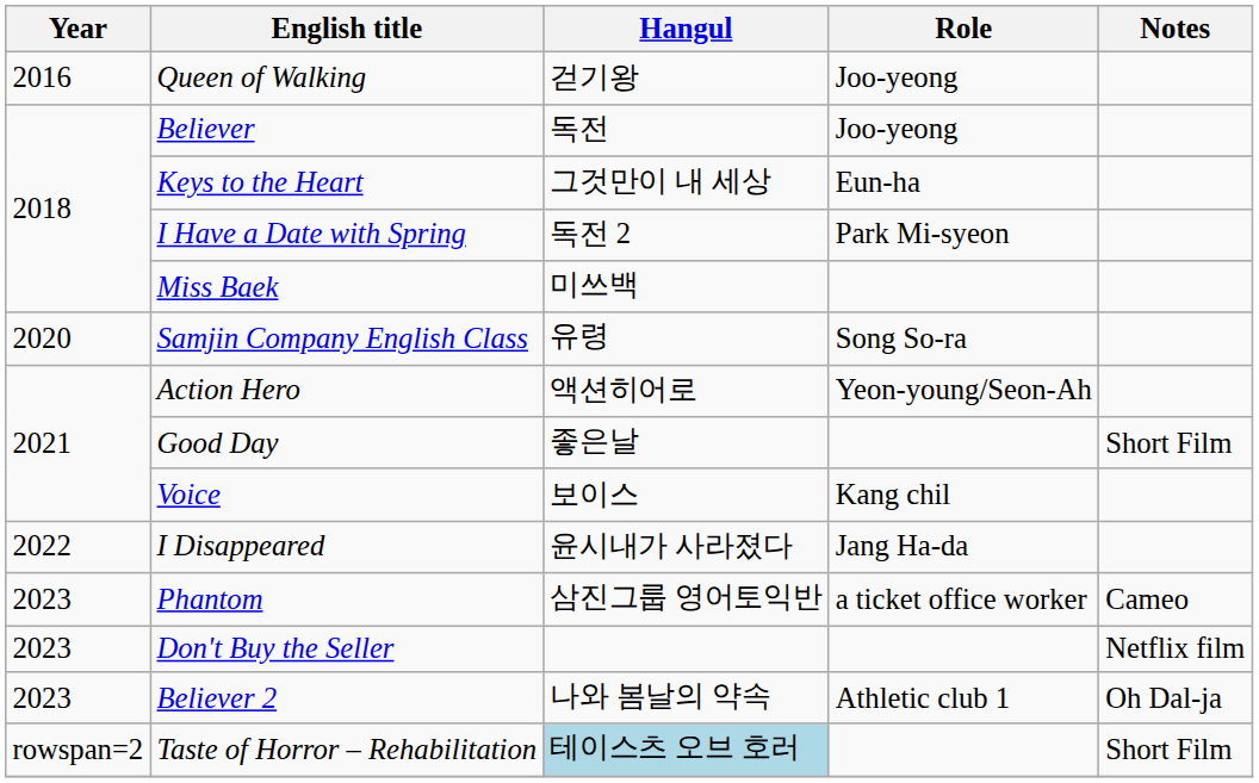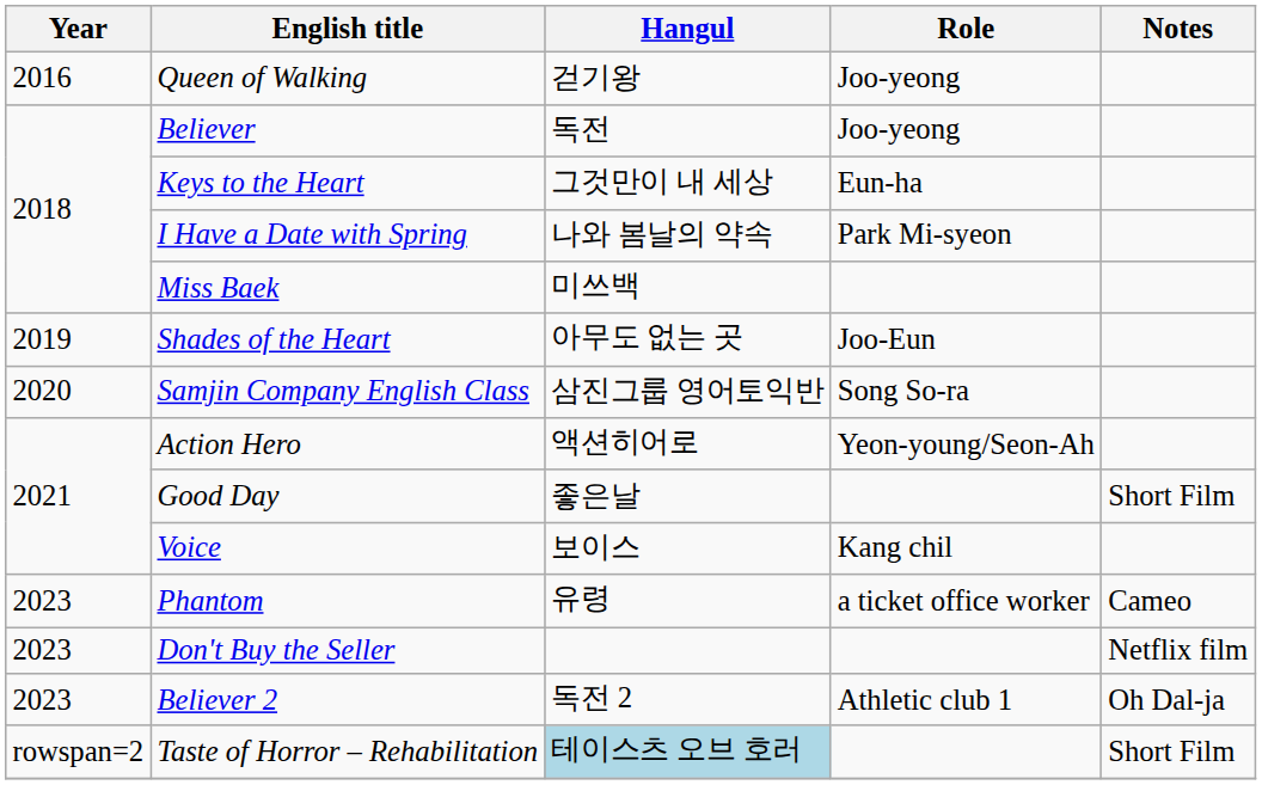 <table class="wikitable sortable">
 <tr>
 <th>Year</th>
 <th>English title</th>
 <th><a href='#'>Hangul</a></th>
 <th>Role</th>
 <th class="unsortable">Notes</th>
 </tr>
 <tr>
 <td rowspan=1>2016</td>
 <td><em>Queen of Walking</em></td>
 <td>걷기왕</td>
 <td>Joo-yeong</td>
 <td></td>
 </tr>
 <tr>
 <td rowspan=4>2018</td>
 <td><em><a href='#'>Believer</a></em></td>
 <td>독전</td>
 <td>Joo-yeong</td>
 <td></td>
 </tr>
 <tr>
 <td><em><a href='#'>Keys to the Heart</a></em></td>
 <td>그것만이 내 세상</td>
 <td>Eun-ha</td>
 <td></td>
 </tr>
 <tr>
 <td><em><a href='#'>I Have a Date with Spring</a></em></td>
-<td>독전 2</td>
+<td>나와 봄날의 약속</td>
 <td>Park Mi-syeon</td>
 <td></td>
 </tr>
 <tr>
 <td><em><a href='#'>Miss Baek</a></em></td>
 <td>미쓰백</td>
 <td></td>
 <td></td>
 </tr>
 <tr>
+<td>2019</td>
+<td><em><a href='#'>Shades of the Heart</a></em></td>
+<td>아무도 없는 곳</td>
+<td>Joo-Eun</td>
+<td></td>
+</tr>
+<tr>
 <td>2020</td>
 <td><em><a href='#'>Samjin Company English Class</a></em></td>
-<td>유령</td>
+<td>삼진그룹 영어토익반</td>
 <td>Song So-ra</td>
 <td></td>
 </tr>
 <tr>
 <td rowspan="3">2021</td>
 <td><em>Action Hero</em></td>
 <td>액션히어로</td>
 <td>Yeon-young/Seon-Ah</td>
 <td></td>
 </tr>
 <tr>
 <td><em>Good Day</em></td>
 <td>좋은날</td>
 <td></td>
 <td>Short Film </td>
 </tr>
 <tr>
 <td><em><a href='#'>Voice</a></em></td>
 <td>보이스</td>
 <td>Kang chil</td>
 <td></td>
 </tr>
 <tr>
-<td>2022</td>
-<td><em>I Disappeared</em></td>
-<td>윤시내가 사라졌다</td>
-<td>Jang Ha-da</td>
-<td></td>
-</tr>
-<tr>
 <td>2023</td>
 <td><a href='#'><em>Phantom</em></a></td>
-<td>삼진그룹 영어토익반</td>
+<td>유령</td>
 <td>a ticket office worker</td>
 <td>Cameo</td>
 </tr>
 <tr>
 <td>2023</td>
 <td><em><a href='#'>Don't Buy the Seller</a></em></td>
 <td></td>
 <td></td>
 <td>Netflix film</td>
 </tr>
 <tr>
 <td>2023</td>
 <td><em><a href='#'>Believer 2</a></em></td>
-<td>나와 봄날의 약속</td>
+<td>독전 2</td>
 <td>Athletic club 1</td>
 <td>Oh Dal-ja</td>
 </tr>
 <tr>
 <td>rowspan=2 </td>
 <td><em>Taste of Horror – Rehabilitation</em></td>
 <td style="background: lightblue;">테이스츠 오브 호러</td>
 <td></td>
 <td>Short Film  </td>
 </tr>
 <tr>
 </tr>
 </table>
